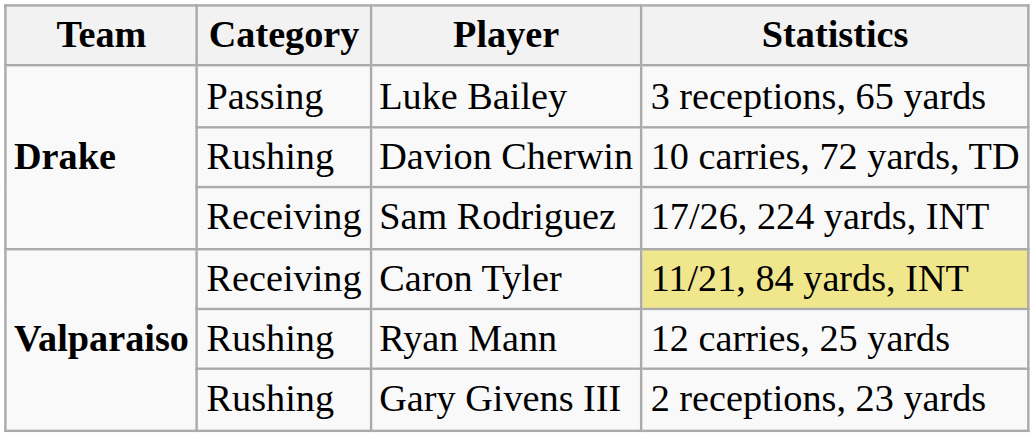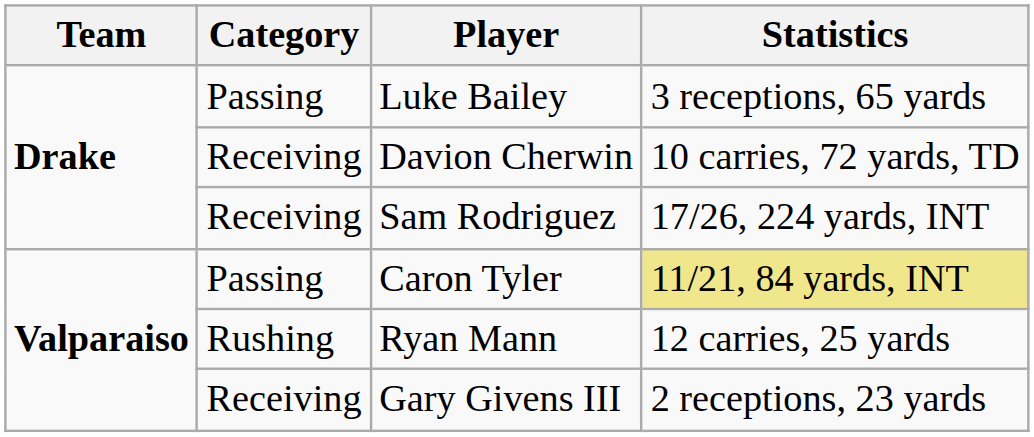 <table class="wikitable" style="float: right;">
 <tr>
 <th>Team</th>
 <th>Category</th>
 <th>Player</th>
 <th>Statistics</th>
 </tr>
 <tr>
 <td rowspan=3><strong>Drake</strong></td>
 <td>Passing</td>
 <td>Luke Bailey</td>
 <td>3 receptions, 65 yards</td>
 </tr>
 <tr>
-<td>Rushing</td>
+<td>Receiving</td>
 <td>Davion Cherwin</td>
 <td>10 carries, 72 yards, TD</td>
 </tr>
 <tr>
 <td>Receiving</td>
 <td>Sam Rodriguez</td>
 <td>17/26, 224 yards, INT</td>
 </tr>
 <tr>
 <td rowspan=3><strong>Valparaiso</strong></td>
-<td>Receiving</td>
+<td>Passing</td>
 <td>Caron Tyler</td>
 <td style="background: khaki;">11/21, 84 yards, INT</td>
 </tr>
 <tr>
 <td>Rushing</td>
 <td>Ryan Mann</td>
 <td>12 carries, 25 yards</td>
 </tr>
 <tr>
-<td>Rushing</td>
+<td>Receiving</td>
 <td>Gary Givens III</td>
 <td>2 receptions, 23 yards</td>
 </tr>
 </table>
